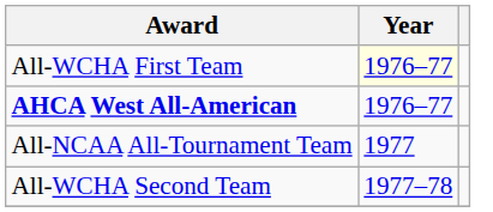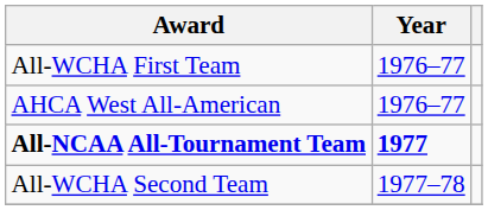 <table class="wikitable">
 <tr>
 <th>Award</th>
 <th>Year</th>
 <th></th>
 </tr>
 <tr>
 <td>All-<a href='#'>WCHA</a> <a href='#'>First Team</a></td>
-<td style="background: lightyellow;"><a href='#'>1976–77</a></td>
-<td></td>
-</tr>
-<tr>
-<td><strong><a href='#'>AHCA</a> <a href='#'>West All-American</a></strong></td>
 <td><a href='#'>1976–77</a></td>
 <td></td>
 </tr>
 <tr>
-<td>All-<a href='#'>NCAA</a> <a href='#'>All-Tournament Team</a></td>
-<td><a href='#'>1977</a></td>
+<td><a href='#'>AHCA</a> <a href='#'>West All-American</a></td>
+<td><a href='#'>1976–77</a></td>
+<td></td>
+</tr>
+<tr>
+<td><strong>All-<a href='#'>NCAA</a> <a href='#'>All-Tournament Team</a></strong></td>
+<td><strong><a href='#'>1977</a></strong></td>
 <td></td>
 </tr>
 <tr>
 <td>All-<a href='#'>WCHA</a> <a href='#'>Second Team</a></td>
 <td><a href='#'>1977–78</a></td>
 <td></td>
 </tr>
 <tr>
 </tr>
 </table>
